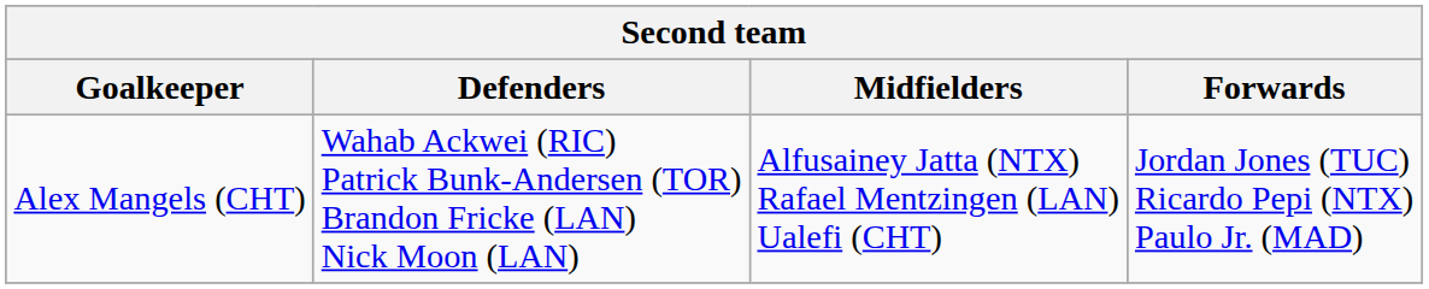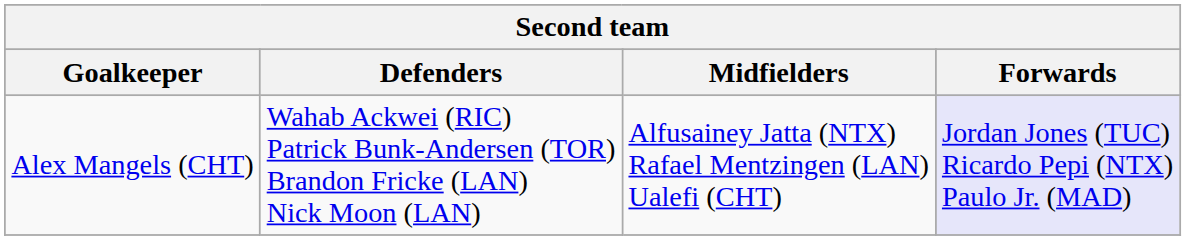 <table class="wikitable">
 <tr>
 <th colspan="4">Second team</th>
 </tr>
 <tr>
 <th>Goalkeeper</th>
 <th>Defenders</th>
 <th>Midfielders</th>
 <th>Forwards</th>
 </tr>
 <tr>
 <td> <a href='#'>Alex Mangels</a> (<a href='#'>CHT</a>)</td>
 <td> <a href='#'>Wahab Ackwei</a> (<a href='#'>RIC</a>)<br> <a href='#'>Patrick Bunk-Andersen</a> (<a href='#'>TOR</a>)<br> <a href='#'>Brandon Fricke</a> (<a href='#'>LAN</a>)<br> <a href='#'>Nick Moon</a> (<a href='#'>LAN</a>)</td>
 <td> <a href='#'>Alfusainey Jatta</a> (<a href='#'>NTX</a>)<br> <a href='#'>Rafael Mentzingen</a> (<a href='#'>LAN</a>)<br> <a href='#'>Ualefi</a> (<a href='#'>CHT</a>)</td>
-<td> <a href='#'>Jordan Jones</a> (<a href='#'>TUC</a>)<br> <a href='#'>Ricardo Pepi</a> (<a href='#'>NTX</a>)<br> <a href='#'>Paulo Jr.</a> (<a href='#'>MAD</a>)</td>
+<td style="background: lavender;"> <a href='#'>Jordan Jones</a> (<a href='#'>TUC</a>)<br> <a href='#'>Ricardo Pepi</a> (<a href='#'>NTX</a>)<br> <a href='#'>Paulo Jr.</a> (<a href='#'>MAD</a>)</td>
 </tr>
 </table>
